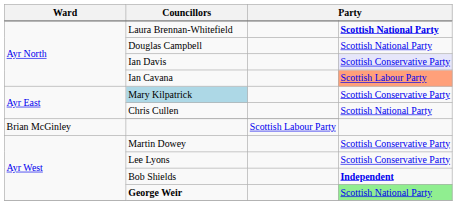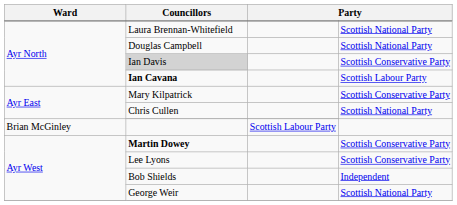 <table class="wikitable" style="font-size: 95%;">
 <tr style="background-color:#E9E9E9; border-bottom: 2px solid gray;">
 <th width="180">Ward</th>
 <th width="180">Councillors</th>
 <th colspan=2 width="120">Party</th>
 </tr>
 <tr>
 <td rowspan=4><a href='#'>Ayr North</a></td>
 <td>Laura Brennan-Whitefield</td>
 <td></td>
-<td><strong><a href='#'>Scottish National Party</a></strong></td>
+<td><a href='#'>Scottish National Party</a></td>
 </tr>
 <tr>
 <td>Douglas Campbell</td>
 <td></td>
 <td><a href='#'>Scottish National Party</a></td>
 </tr>
 <tr>
-<td>Ian Davis</td>
+<td style="background: lightgrey;">Ian Davis</td>
 <td></td>
-<td style="background: lavender;"><a href='#'>Scottish Conservative Party</a></td>
+<td><a href='#'>Scottish Conservative Party</a></td>
 </tr>
 <tr>
-<td>Ian Cavana</td>
+<td><strong>Ian Cavana</strong></td>
 <td></td>
-<td style="background: lightsalmon;"><a href='#'>Scottish Labour Party</a></td>
+<td><a href='#'>Scottish Labour Party</a></td>
 </tr>
 <tr>
 <td rowspan=3><a href='#'>Ayr East</a></td>
-<td style="background: lightblue;">Mary Kilpatrick</td>
+<td>Mary Kilpatrick</td>
 <td></td>
 <td><a href='#'>Scottish Conservative Party</a></td>
 </tr>
 <tr>
 <td>Chris Cullen</td>
 <td></td>
 <td><a href='#'>Scottish National Party</a></td>
 </tr>
 <tr>
 </tr>
 <tr>
 <td>Brian McGinley</td>
 <td></td>
 <td><a href='#'>Scottish Labour Party</a></td>
 </tr>
 <tr>
 <td rowspan=4><a href='#'>Ayr West</a></td>
-<td>Martin Dowey</td>
+<td><strong>Martin Dowey</strong></td>
 <td></td>
 <td><a href='#'>Scottish Conservative Party</a></td>
 </tr>
 <tr>
 <td>Lee Lyons</td>
 <td></td>
 <td><a href='#'>Scottish Conservative Party</a></td>
 </tr>
 <tr>
 <td>Bob Shields</td>
 <td></td>
-<td><strong><a href='#'>Independent</a></strong></td>
+<td><a href='#'>Independent</a></td>
 </tr>
 <tr>
-<td><strong>George Weir</strong></td>
+<td>George Weir</td>
 <td></td>
-<td style="background: lightgreen;"><a href='#'>Scottish National Party</a></td>
+<td><a href='#'>Scottish National Party</a></td>
 </tr>
 <tr>
 </tr>
 </table>
